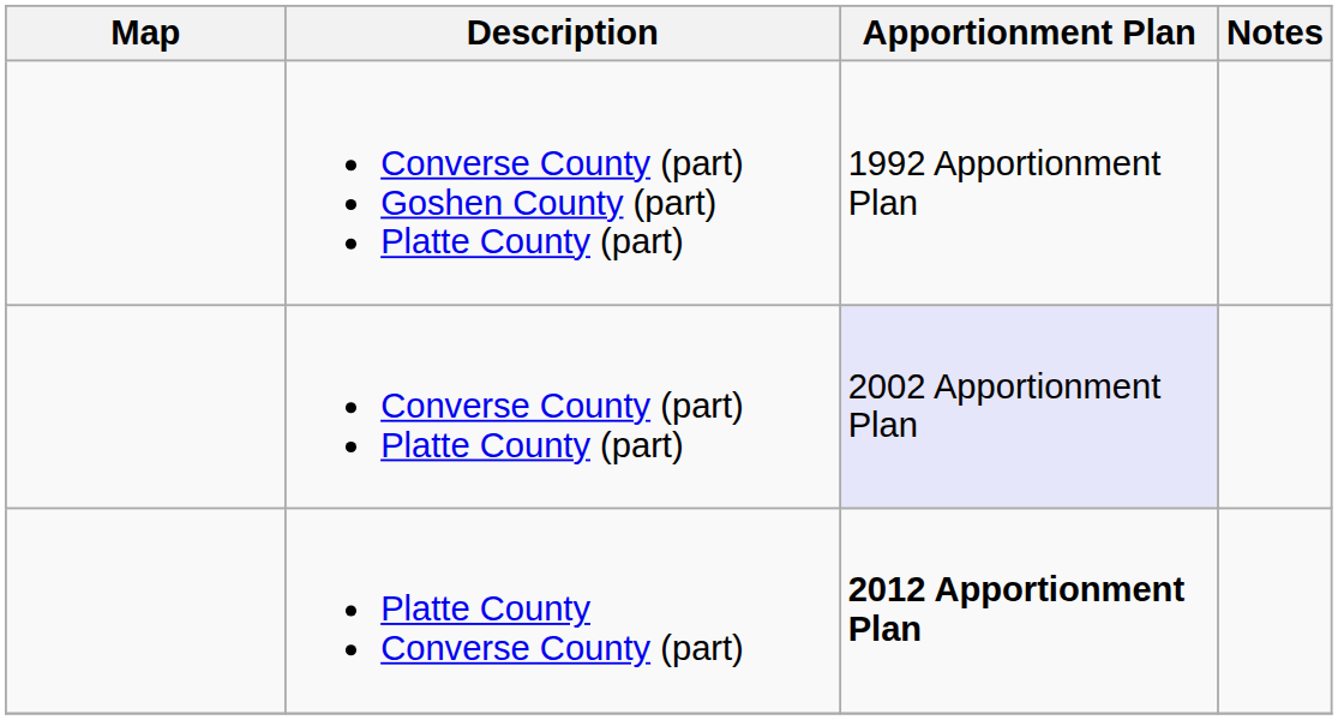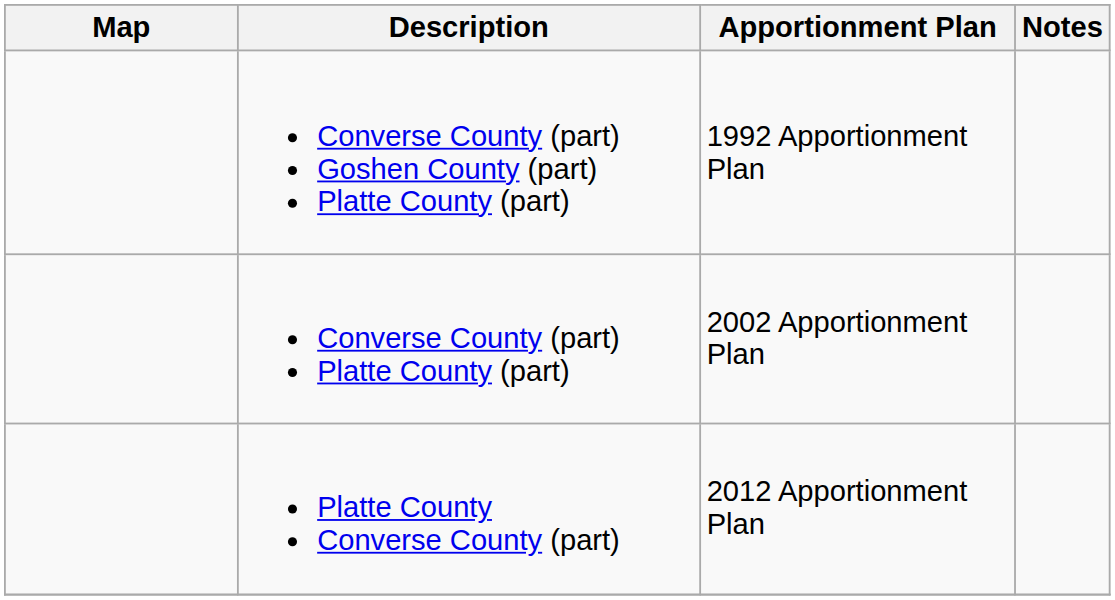 <table class="wikitable sortable">
 <tr>
 <th style="width:100pt;">Map</th>
 <th style="width:200pt;">Description</th>
 <th style="width:130pt;">Apportionment Plan</th>
 <th style="width:15pt;">Notes</th>
 </tr>
 <tr>
 <td></td>
 <td><br><ul><li><a href='#'>Converse County</a> (part)</li><li><a href='#'>Goshen County</a> (part)</li><li><a href='#'>Platte County</a> (part)</li></ul></td>
 <td>1992 Apportionment Plan</td>
 <td></td>
 </tr>
 <tr>
 <td></td>
 <td><br><ul><li><a href='#'>Converse County</a> (part)</li><li><a href='#'>Platte County</a> (part)</li></ul></td>
-<td style="background: lavender;">2002 Apportionment Plan</td>
+<td>2002 Apportionment Plan</td>
 <td></td>
 </tr>
 <tr>
 <td></td>
 <td><br><ul><li><a href='#'>Platte County</a></li><li><a href='#'>Converse County</a> (part)</li></ul></td>
-<td><strong>2012 Apportionment Plan</strong></td>
+<td>2012 Apportionment Plan</td>
 <td></td>
 </tr>
 <tr>
 </tr>
 </table>
